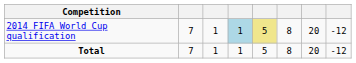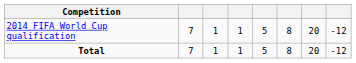 <table class="wikitable" style="text-align: center;">
 <tr>
 <th width=250>Competition</th>
 <th width=30></th>
 <th width=30></th>
 <th width=30></th>
 <th width=30></th>
 <th width=30></th>
 <th width=30></th>
 <th width=30></th>
 </tr>
 <tr>
 <td align="left"><a href='#'>2014 FIFA World Cup qualification</a></td>
 <td>7</td>
 <td>1</td>
-<td style="background: lightblue;">1</td>
-<td style="background: khaki;">5</td>
+<td>1</td>
+<td>5</td>
 <td>8</td>
 <td>20</td>
 <td>-12</td>
 </tr>
 <tr>
 <td><strong>Total</strong></td>
 <td>7</td>
 <td>1</td>
 <td>1</td>
 <td>5</td>
 <td>8</td>
 <td>20</td>
 <td>-12</td>
 </tr>
 </table>
